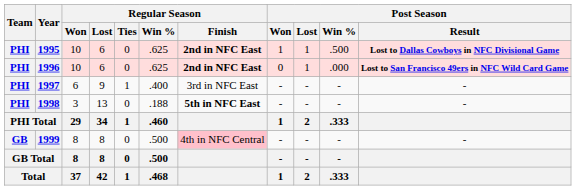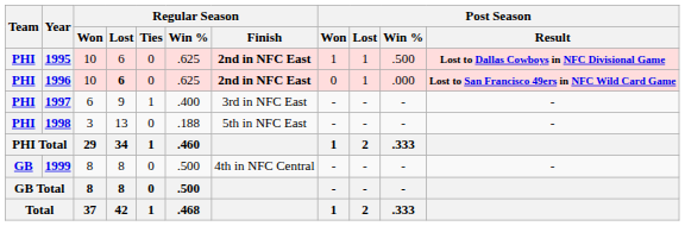 <table class="wikitable" style="font-size: 95%; text-align:center;">
 <tr>
 <th rowspan="2">Team</th>
 <th rowspan="2">Year</th>
 <th colspan="5">Regular Season</th>
 <th colspan="4">Post Season</th>
 </tr>
 <tr>
 <th>Won</th>
 <th>Lost</th>
 <th>Ties</th>
 <th>Win %</th>
 <th>Finish</th>
 <th>Won</th>
 <th>Lost</th>
 <th>Win %</th>
 <th>Result</th>
 </tr>
 <tr style="background:#fdd;">
 <th><a href='#'>PHI</a></th>
 <th><a href='#'>1995</a></th>
 <td>10</td>
 <td>6</td>
 <td>0</td>
 <td>.625</td>
 <td><strong>2nd in NFC East</strong></td>
 <td>1</td>
 <td>1</td>
 <td>.500</td>
 <td><small><strong>Lost to <a href='#'>Dallas Cowboys</a> in <a href='#'>NFC Divisional Game</a></strong></small></td>
 </tr>
 <tr style="background:#fdd;">
 <th><a href='#'>PHI</a></th>
 <th><a href='#'>1996</a></th>
 <td>10</td>
-<td>6</td>
+<td><strong>6</strong></td>
 <td>0</td>
 <td>.625</td>
 <td><strong>2nd in NFC East</strong></td>
 <td>0</td>
 <td>1</td>
 <td>.000</td>
 <td><small><strong>Lost to <a href='#'>San Francisco 49ers</a> in <a href='#'>NFC Wild Card Game</a></strong></small></td>
 </tr>
 <tr>
 <th><a href='#'>PHI</a></th>
 <th><a href='#'>1997</a></th>
 <td>6</td>
 <td>9</td>
 <td>1</td>
 <td>.400</td>
 <td>3rd in NFC East</td>
 <td>-</td>
 <td>-</td>
 <td>-</td>
 <td>-</td>
 </tr>
 <tr>
 <th><a href='#'>PHI</a></th>
 <th><a href='#'>1998</a></th>
 <td>3</td>
 <td>13</td>
 <td>0</td>
 <td>.188</td>
-<td><strong>5th in NFC East</strong></td>
+<td>5th in NFC East</td>
 <td>-</td>
 <td>-</td>
 <td>-</td>
 <td>-</td>
 </tr>
 <tr>
 <th colspan="2">PHI Total</th>
 <th>29</th>
 <th>34</th>
 <th>1</th>
 <th>.460</th>
 <th></th>
 <th>1</th>
 <th>2</th>
 <th>.333</th>
 <th></th>
 </tr>
 <tr>
 <th><a href='#'>GB</a></th>
 <th><a href='#'>1999</a></th>
 <td>8</td>
 <td>8</td>
 <td>0</td>
 <td>.500</td>
-<td style="background: pink;">4th in NFC Central</td>
+<td>4th in NFC Central</td>
 <td>-</td>
 <td>-</td>
 <td>-</td>
 <td>-</td>
 </tr>
 <tr>
 <th colspan="2">GB Total</th>
 <th>8</th>
 <th>8</th>
 <th>0</th>
 <th>.500</th>
 <th></th>
 <th>-</th>
 <th>-</th>
 <th>-</th>
 <th></th>
 </tr>
 <tr>
 <th colspan="2">Total</th>
 <th>37</th>
 <th>42</th>
 <th>1</th>
 <th>.468</th>
 <th></th>
 <th>1</th>
 <th>2</th>
 <th>.333</th>
 <th></th>
 </tr>
 </table>
